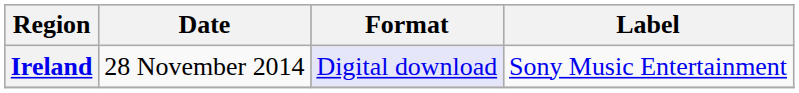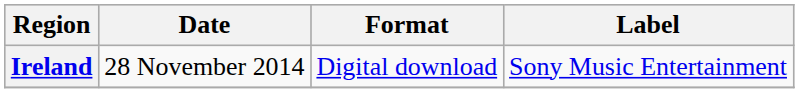 <table class="wikitable sortable plainrowheaders">
 <tr>
 <th scope="col">Region</th>
 <th scope="col">Date</th>
 <th scope="col">Format</th>
 <th scope="col">Label</th>
 </tr>
 <tr>
 <th scope="row"><a href='#'>Ireland</a></th>
 <td>28 November 2014</td>
-<td style="background: lavender;"><a href='#'>Digital download</a></td>
+<td><a href='#'>Digital download</a></td>
 <td><a href='#'>Sony Music Entertainment</a></td>
 </tr>
 <tr>
 </tr>
 </table>
